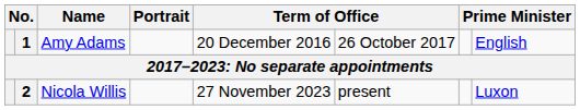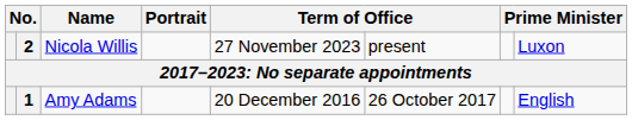 <table class="wikitable">
 <tr>
 <th colspan="2">No.</th>
 <th>Name</th>
 <th>Portrait</th>
 <th colspan="2">Term of Office</th>
 <th colspan="2">Prime Minister</th>
+</tr>
+<tr>
+<th style="color:inherit;background:"></th>
+<th>2</th>
+<td><a href='#'>Nicola Willis</a></td>
+<td></td>
+<td>27 November 2023</td>
+<td>present</td>
+<td style="color:inherit;background:"></td>
+<td><a href='#'>Luxon</a></td>
+</tr>
+<tr>
+<th colspan="8"><em>2017–2023: No separate appointments</em></th>
 </tr>
 <tr>
 <th style="color:inherit;background:"></th>
 <th>1</th>
 <td><a href='#'>Amy Adams</a></td>
 <td></td>
 <td>20 December 2016</td>
 <td>26 October 2017</td>
 <td style="color:inherit;background:"></td>
 <td><a href='#'>English</a></td>
 </tr>
-<tr>
-<th colspan="8"><em>2017–2023: No separate appointments</em></th>
-</tr>
-<tr>
-<th style="color:inherit;background:"></th>
-<th>2</th>
-<td><a href='#'>Nicola Willis</a></td>
-<td></td>
-<td>27 November 2023</td>
-<td>present</td>
-<td style="color:inherit;background:"></td>
-<td><a href='#'>Luxon</a></td>
-</tr>
 </table>
